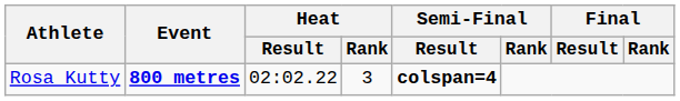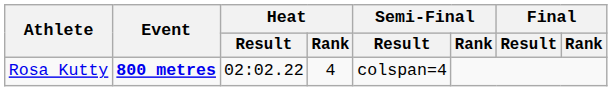 <table class="wikitable" style="font-size:90%">
 <tr>
 <th rowspan="2">Athlete</th>
 <th rowspan="2">Event</th>
 <th colspan="2">Heat</th>
 <th colspan="2">Semi-Final</th>
 <th colspan="2">Final</th>
 </tr>
 <tr style="font-size:95%">
 <th>Result</th>
 <th>Rank</th>
 <th>Result</th>
 <th>Rank</th>
 <th>Result</th>
 <th>Rank</th>
 </tr>
 <tr style="text-align:center">
 <td style="text-align:left"><a href='#'>Rosa Kutty</a></td>
 <td style="text-align:left"><strong><a href='#'>800 metres</a></strong></td>
 <td>02:02.22</td>
-<td>3</td>
-<td><strong>colspan=4 </strong></td>
+<td>4</td>
+<td>colspan=4 </td>
 </tr>
 </table>
